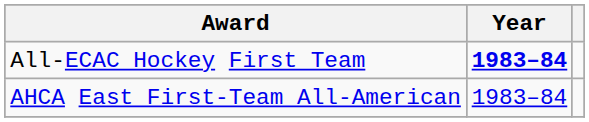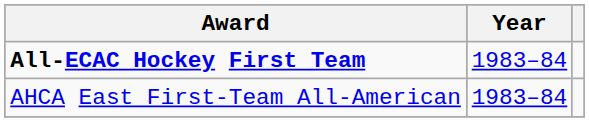 <table class="wikitable">
 <tr>
 <th>Award</th>
 <th>Year</th>
 <th></th>
 </tr>
 <tr>
-<td>All-<a href='#'>ECAC Hockey</a> <a href='#'>First Team</a></td>
-<td><strong><a href='#'>1983–84</a></strong></td>
+<td><strong>All-<a href='#'>ECAC Hockey</a> <a href='#'>First Team</a></strong></td>
+<td><a href='#'>1983–84</a></td>
 <td></td>
 </tr>
 <tr>
 <td><a href='#'>AHCA</a> <a href='#'>East First-Team All-American</a></td>
 <td><a href='#'>1983–84</a></td>
 <td></td>
 </tr>
 </table>
